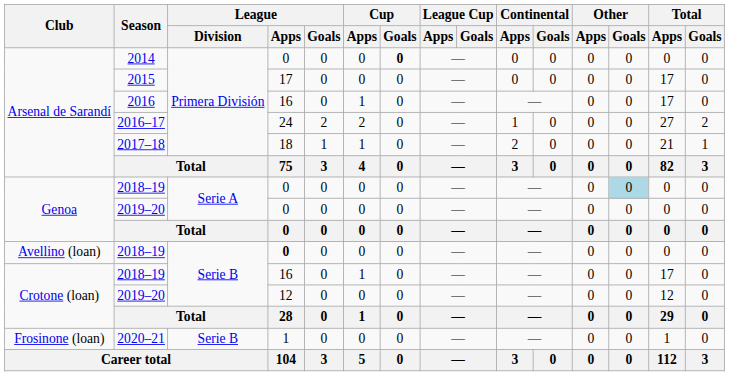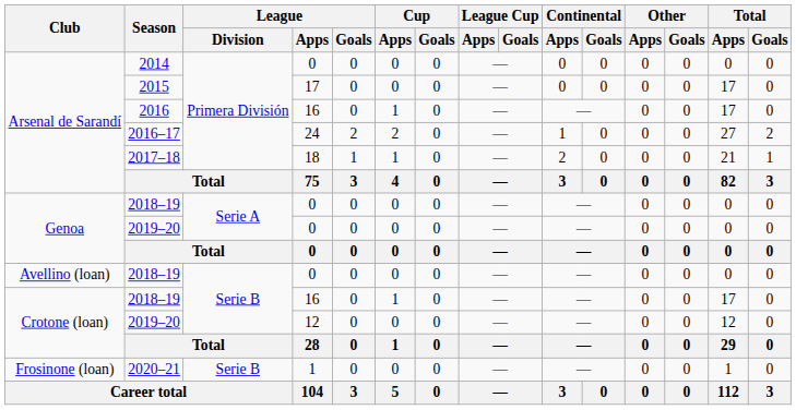 <table class="wikitable" style="text-align:center">
 <tr>
 <th rowspan="2">Club</th>
 <th rowspan="2">Season</th>
 <th colspan="3">League</th>
 <th colspan="2">Cup</th>
 <th colspan="2">League Cup</th>
 <th colspan="2">Continental</th>
 <th colspan="2">Other</th>
 <th colspan="2">Total</th>
 </tr>
 <tr>
 <th>Division</th>
 <th>Apps</th>
 <th>Goals</th>
 <th>Apps</th>
 <th>Goals</th>
 <th>Apps</th>
 <th>Goals</th>
 <th>Apps</th>
 <th>Goals</th>
 <th>Apps</th>
 <th>Goals</th>
 <th>Apps</th>
 <th>Goals</th>
 </tr>
 <tr>
 <td rowspan="6"><a href='#'>Arsenal de Sarandí</a></td>
 <td><a href='#'>2014</a></td>
 <td rowspan="5"><a href='#'>Primera División</a></td>
 <td>0</td>
 <td>0</td>
 <td>0</td>
-<td><strong>0</strong></td>
+<td>0</td>
 <td colspan="2">—</td>
 <td>0</td>
 <td>0</td>
 <td>0</td>
 <td>0</td>
 <td>0</td>
 <td>0</td>
 </tr>
 <tr>
 <td><a href='#'>2015</a></td>
 <td>17</td>
 <td>0</td>
 <td>0</td>
 <td>0</td>
 <td colspan="2">—</td>
 <td>0</td>
 <td>0</td>
 <td>0</td>
 <td>0</td>
 <td>17</td>
 <td>0</td>
 </tr>
 <tr>
 <td><a href='#'>2016</a></td>
 <td>16</td>
 <td>0</td>
 <td>1</td>
 <td>0</td>
 <td colspan="2">—</td>
 <td colspan="2">—</td>
 <td>0</td>
 <td>0</td>
 <td>17</td>
 <td>0</td>
 </tr>
 <tr>
 <td><a href='#'>2016–17</a></td>
 <td>24</td>
 <td>2</td>
 <td>2</td>
 <td>0</td>
 <td colspan="2">—</td>
 <td>1</td>
 <td>0</td>
 <td>0</td>
 <td>0</td>
 <td>27</td>
 <td>2</td>
 </tr>
 <tr>
 <td><a href='#'>2017–18</a></td>
 <td>18</td>
 <td>1</td>
 <td>1</td>
 <td>0</td>
 <td colspan="2">—</td>
 <td>2</td>
 <td>0</td>
 <td>0</td>
 <td>0</td>
 <td>21</td>
 <td>1</td>
 </tr>
 <tr>
 <th colspan="2">Total</th>
 <th>75</th>
 <th>3</th>
 <th>4</th>
 <th>0</th>
 <th colspan="2">—</th>
 <th>3</th>
 <th>0</th>
 <th>0</th>
 <th>0</th>
 <th>82</th>
 <th>3</th>
 </tr>
 <tr>
 <td rowspan="3"><a href='#'>Genoa</a></td>
 <td><a href='#'>2018–19</a></td>
 <td rowspan="2"><a href='#'>Serie A</a></td>
 <td>0</td>
 <td>0</td>
 <td>0</td>
 <td>0</td>
 <td colspan="2">—</td>
 <td colspan="2">—</td>
 <td>0</td>
-<td style="background: lightblue;">0</td>
+<td>0</td>
 <td>0</td>
 <td>0</td>
 </tr>
 <tr>
 <td><a href='#'>2019–20</a></td>
 <td>0</td>
 <td>0</td>
 <td>0</td>
 <td>0</td>
 <td colspan="2">—</td>
 <td colspan="2">—</td>
 <td>0</td>
 <td>0</td>
 <td>0</td>
 <td>0</td>
 </tr>
 <tr>
 <th colspan="2">Total</th>
 <th>0</th>
 <th>0</th>
 <th>0</th>
 <th>0</th>
 <th colspan="2">—</th>
 <th colspan="2">—</th>
 <th>0</th>
 <th>0</th>
 <th>0</th>
 <th>0</th>
 </tr>
 <tr>
 <td rowspan="1"><a href='#'>Avellino</a> (loan)</td>
 <td><a href='#'>2018–19</a></td>
 <td rowspan="3"><a href='#'>Serie B</a></td>
-<td><strong>0</strong></td>
+<td>0</td>
 <td>0</td>
 <td>0</td>
 <td>0</td>
 <td colspan="2">—</td>
 <td colspan="2">—</td>
 <td>0</td>
 <td>0</td>
 <td>0</td>
 <td>0</td>
 </tr>
 <tr>
 <td rowspan="3"><a href='#'>Crotone</a> (loan)</td>
 <td><a href='#'>2018–19</a></td>
 <td>16</td>
 <td>0</td>
 <td>1</td>
 <td>0</td>
 <td colspan="2">—</td>
 <td colspan="2">—</td>
 <td>0</td>
 <td>0</td>
 <td>17</td>
 <td>0</td>
 </tr>
 <tr>
 <td><a href='#'>2019–20</a></td>
 <td>12</td>
 <td>0</td>
 <td>0</td>
 <td>0</td>
 <td colspan="2">—</td>
 <td colspan="2">—</td>
 <td>0</td>
 <td>0</td>
 <td>12</td>
 <td>0</td>
 </tr>
 <tr>
 <th colspan="2">Total</th>
 <th>28</th>
 <th>0</th>
 <th>1</th>
 <th>0</th>
 <th colspan="2">—</th>
 <th colspan="2">—</th>
 <th>0</th>
 <th>0</th>
 <th>29</th>
 <th>0</th>
 </tr>
 <tr>
 <td rowspan="1"><a href='#'>Frosinone</a> (loan)</td>
 <td><a href='#'>2020–21</a></td>
 <td rowspan="1"><a href='#'>Serie B</a></td>
 <td>1</td>
 <td>0</td>
 <td>0</td>
 <td>0</td>
 <td colspan="2">—</td>
 <td colspan="2">—</td>
 <td>0</td>
 <td>0</td>
 <td>1</td>
 <td>0</td>
 </tr>
 <tr>
 <th colspan="3">Career total</th>
 <th>104</th>
 <th>3</th>
 <th>5</th>
 <th>0</th>
 <th colspan="2">—</th>
 <th>3</th>
 <th>0</th>
 <th>0</th>
 <th>0</th>
 <th>112</th>
 <th>3</th>
 </tr>
 </table>
